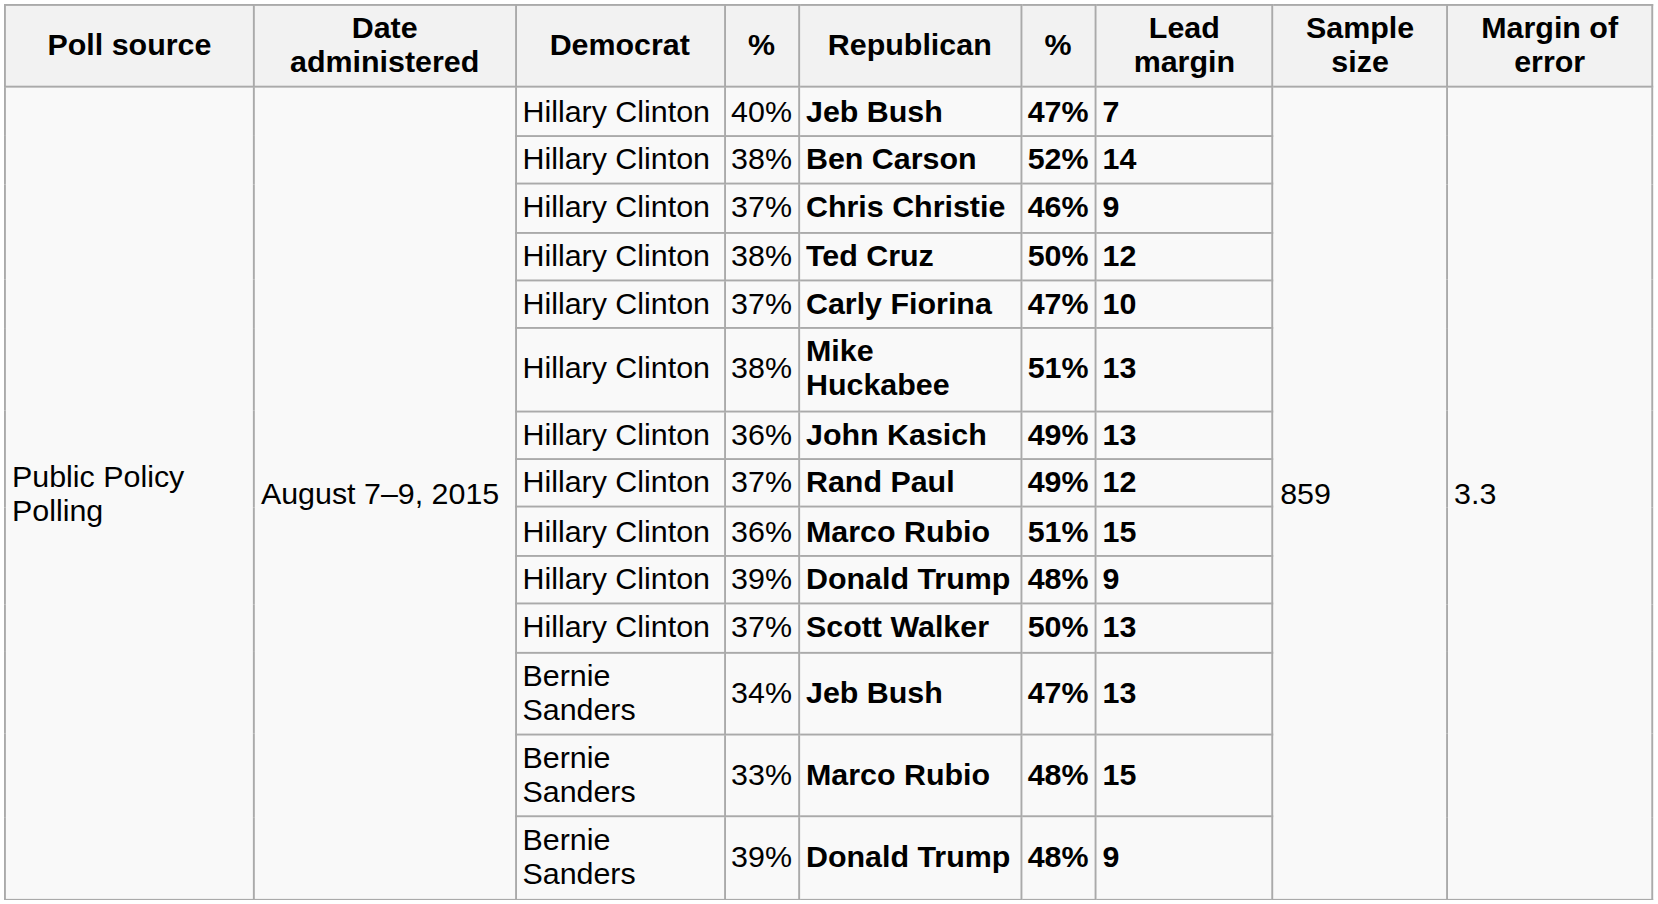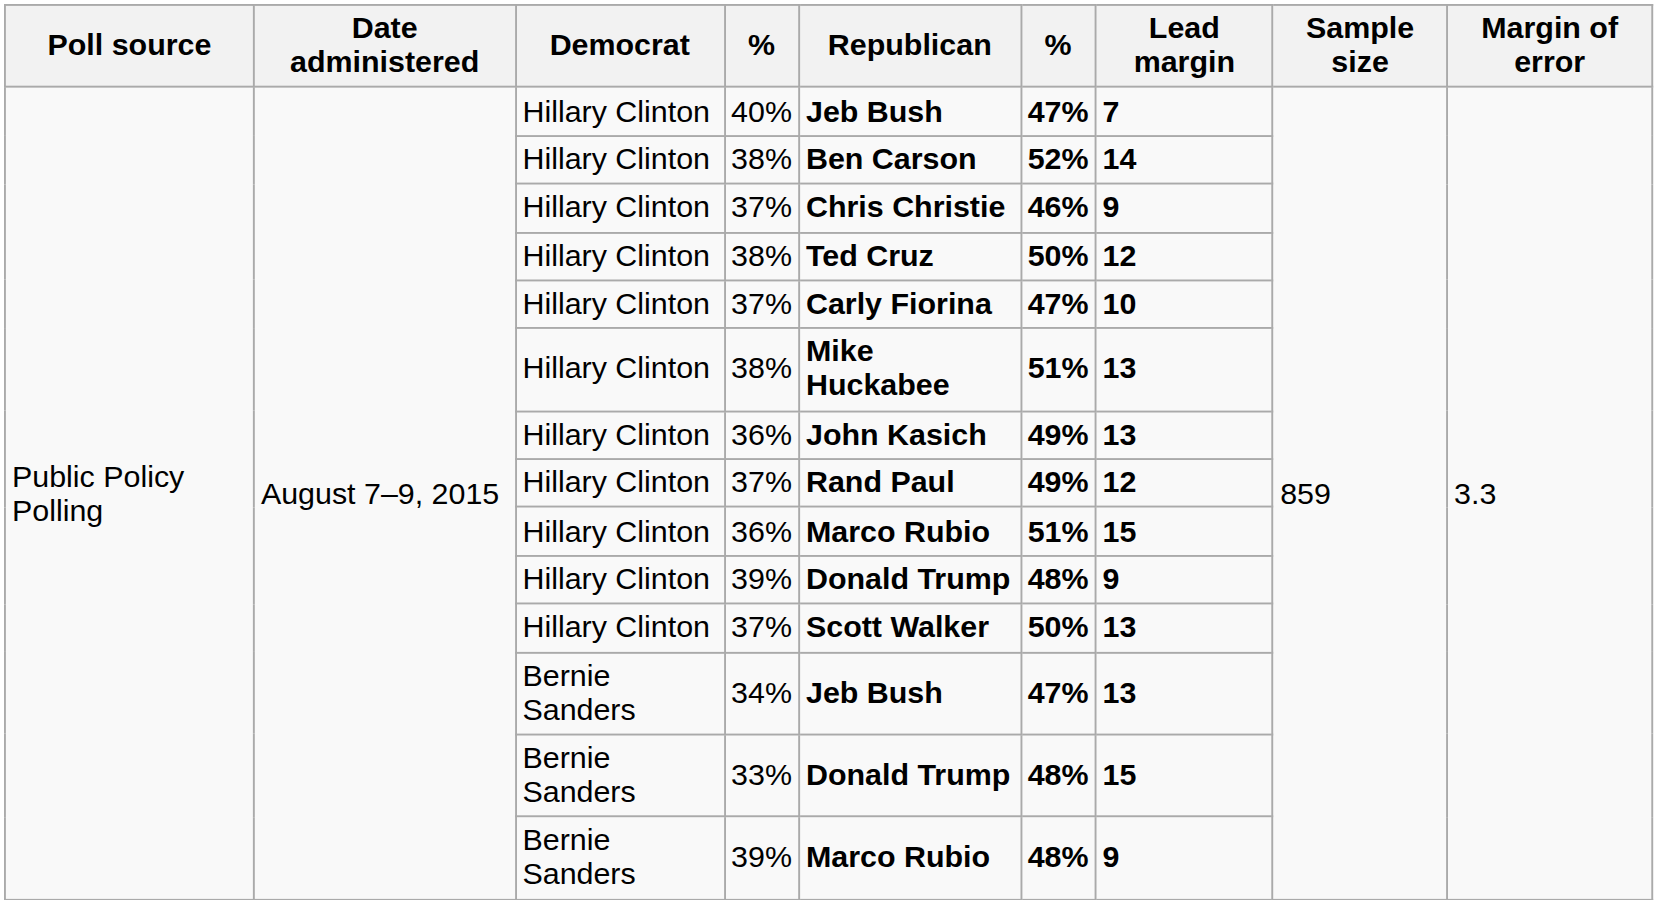 <table class="wikitable">
 <tr>
 <th>Poll source</th>
 <th>Date administered</th>
 <th>Democrat</th>
 <th>%</th>
 <th>Republican</th>
 <th>%</th>
 <th>Lead margin</th>
 <th>Sample size</th>
 <th>Margin of error</th>
 </tr>
 <tr>
 <td rowspan="14">Public Policy Polling </td>
 <td rowspan="14">August 7–9, 2015</td>
 <td>Hillary Clinton</td>
 <td>40%</td>
 <td><strong>Jeb Bush</strong></td>
 <td><strong>47%</strong></td>
 <td><strong>7</strong></td>
 <td rowspan="14">859</td>
 <td rowspan="14">3.3</td>
 </tr>
 <tr>
 <td>Hillary Clinton</td>
 <td>38%</td>
 <td><strong>Ben Carson</strong></td>
 <td><strong>52%</strong></td>
 <td><strong>14</strong></td>
 </tr>
 <tr>
 <td>Hillary Clinton</td>
 <td>37%</td>
 <td><strong>Chris Christie</strong></td>
 <td><strong>46%</strong></td>
 <td><strong>9</strong></td>
 </tr>
 <tr>
 <td>Hillary Clinton</td>
 <td>38%</td>
 <td><strong>Ted Cruz</strong></td>
 <td><strong>50%</strong></td>
 <td><strong>12</strong></td>
 </tr>
 <tr>
 <td>Hillary Clinton</td>
 <td>37%</td>
 <td><strong>Carly Fiorina</strong></td>
 <td><strong>47%</strong></td>
 <td><strong>10</strong></td>
 </tr>
 <tr>
 <td>Hillary Clinton</td>
 <td>38%</td>
 <td><strong>Mike Huckabee</strong></td>
 <td><strong>51%</strong></td>
 <td><strong>13</strong></td>
 </tr>
 <tr>
 <td>Hillary Clinton</td>
 <td>36%</td>
 <td><strong>John Kasich</strong></td>
 <td><strong>49%</strong></td>
 <td><strong>13</strong></td>
 </tr>
 <tr>
 <td>Hillary Clinton</td>
 <td>37%</td>
 <td><strong>Rand Paul</strong></td>
 <td><strong>49%</strong></td>
 <td><strong>12</strong></td>
 </tr>
 <tr>
 <td>Hillary Clinton</td>
 <td>36%</td>
 <td><strong>Marco Rubio</strong></td>
 <td><strong>51%</strong></td>
 <td><strong>15</strong></td>
 </tr>
 <tr>
 <td>Hillary Clinton</td>
 <td>39%</td>
 <td><strong>Donald Trump</strong></td>
 <td><strong>48%</strong></td>
 <td><strong>9</strong></td>
 </tr>
 <tr>
 <td>Hillary Clinton</td>
 <td>37%</td>
 <td><strong>Scott Walker</strong></td>
 <td><strong>50%</strong></td>
 <td><strong>13</strong></td>
 </tr>
 <tr>
 <td>Bernie Sanders</td>
 <td>34%</td>
 <td><strong>Jeb Bush</strong></td>
 <td><strong>47%</strong></td>
 <td><strong>13</strong></td>
 </tr>
 <tr>
 <td>Bernie Sanders</td>
 <td>33%</td>
-<td><strong>Marco Rubio</strong></td>
+<td><strong>Donald Trump</strong></td>
 <td><strong>48%</strong></td>
 <td><strong>15</strong></td>
 </tr>
 <tr>
 <td>Bernie Sanders</td>
 <td>39%</td>
-<td><strong>Donald Trump</strong></td>
+<td><strong>Marco Rubio</strong></td>
 <td><strong>48%</strong></td>
 <td><strong>9</strong></td>
 </tr>
 </table>
